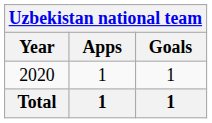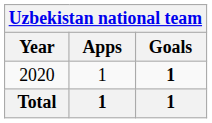 <table class="wikitable" style="text-align:center">
 <tr>
 <th colspan=3><a href='#'>Uzbekistan national team</a></th>
 </tr>
 <tr>
 <th>Year</th>
 <th>Apps</th>
 <th>Goals</th>
 </tr>
 <tr>
 <td>2020</td>
 <td>1</td>
-<td>1</td>
+<td><strong>1</strong></td>
 </tr>
 <tr>
 <th>Total</th>
 <th>1</th>
 <th>1</th>
 </tr>
 </table>
